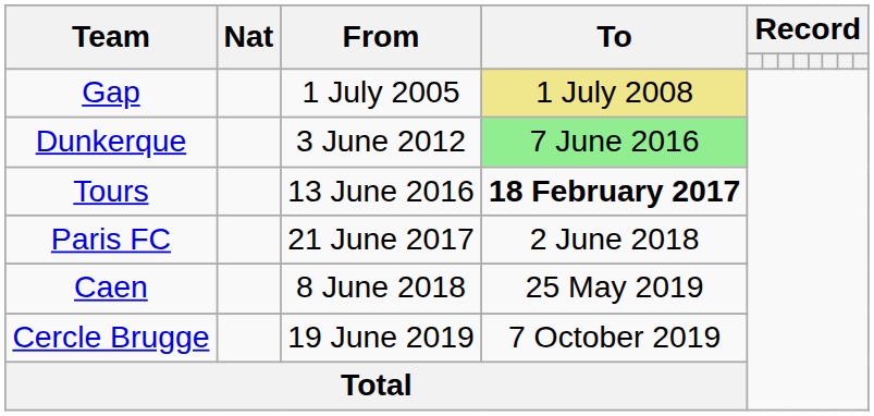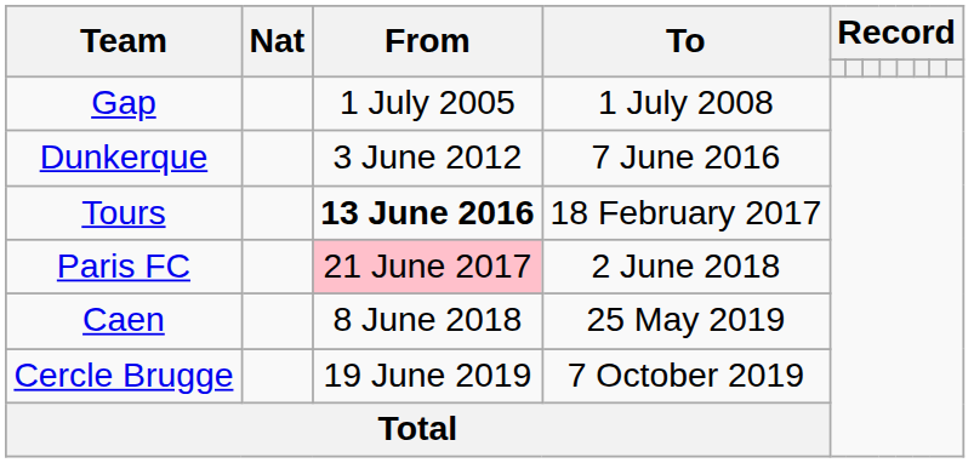 <table class="wikitable" style="text-align: center">
 <tr>
 <th rowspan="2">Team</th>
 <th rowspan="2">Nat</th>
 <th rowspan="2">From</th>
 <th rowspan="2">To</th>
 <th colspan="8">Record</th>
 </tr>
 <tr>
 <th></th>
 <th></th>
 <th></th>
 <th></th>
 <th></th>
 <th></th>
 <th></th>
 <th></th>
 </tr>
 <tr>
 <td><a href='#'>Gap</a></td>
 <td></td>
 <td>1 July 2005</td>
-<td style="background: khaki;">1 July 2008<br></td>
+<td>1 July 2008<br></td>
 </tr>
 <tr>
 <td><a href='#'>Dunkerque</a></td>
 <td></td>
 <td>3 June 2012</td>
-<td style="background: lightgreen;">7 June 2016<br></td>
+<td>7 June 2016<br></td>
 </tr>
 <tr>
 <td><a href='#'>Tours</a></td>
 <td></td>
-<td>13 June 2016</td>
-<td><strong>18 February 2017<br></strong></td>
+<td><strong>13 June 2016</strong></td>
+<td>18 February 2017<br></td>
 </tr>
 <tr>
 <td><a href='#'>Paris FC</a></td>
 <td></td>
-<td>21 June 2017</td>
+<td style="background: pink;">21 June 2017</td>
 <td>2 June 2018<br></td>
 </tr>
 <tr>
 <td><a href='#'>Caen</a></td>
 <td></td>
 <td>8 June 2018</td>
 <td>25 May 2019<br></td>
 </tr>
 <tr>
 <td><a href='#'>Cercle Brugge</a></td>
 <td></td>
 <td>19 June 2019</td>
 <td>7 October 2019<br></td>
 </tr>
 <tr>
 <th colspan="4">Total<br></th>
 </tr>
 </table>
